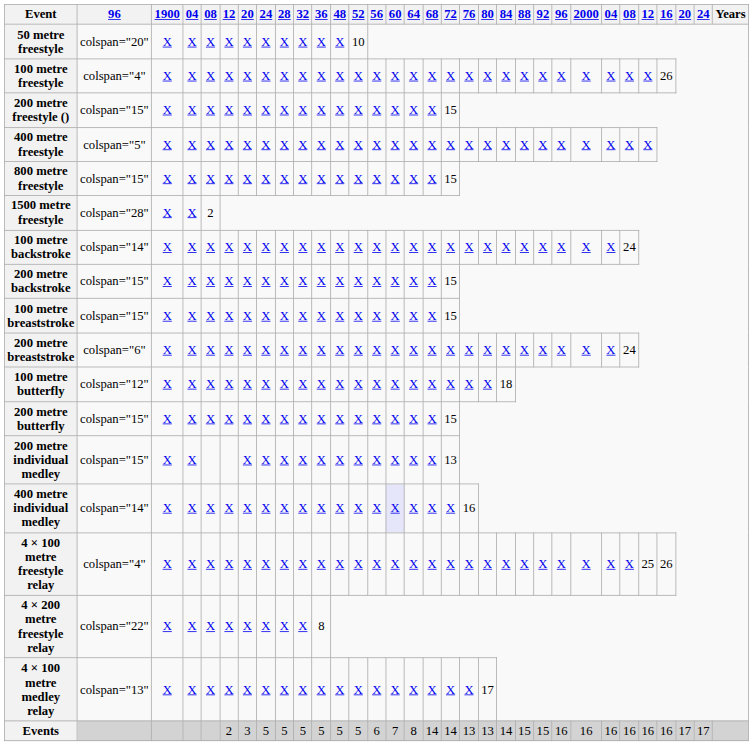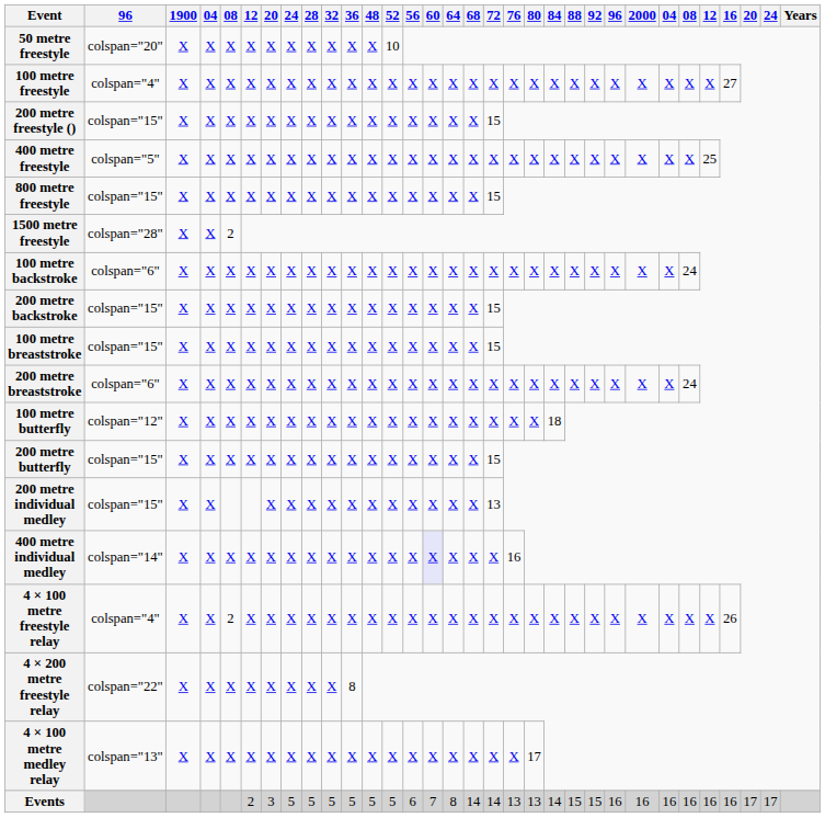 <table class="wikitable plainrowheaders sticky-table-row1 sticky-table-col1" style="text-align:center;">
 <tr>
 <th scope="col">Event</th>
 <th scope="col"><a href='#'>96</a></th>
 <th scope="col"><a href='#'>1900</a></th>
 <th scope="col"><a href='#'>04</a></th>
 <th scope="col"><a href='#'>08</a></th>
 <th scope="col"><a href='#'>12</a></th>
 <th scope="col"><a href='#'>20</a></th>
 <th scope="col"><a href='#'>24</a></th>
 <th scope="col"><a href='#'>28</a></th>
 <th scope="col"><a href='#'>32</a></th>
 <th scope="col"><a href='#'>36</a></th>
 <th scope="col"><a href='#'>48</a></th>
 <th scope="col"><a href='#'>52</a></th>
 <th scope="col"><a href='#'>56</a></th>
 <th scope="col"><a href='#'>60</a></th>
 <th scope="col"><a href='#'>64</a></th>
 <th scope="col"><a href='#'>68</a></th>
 <th scope="col"><a href='#'>72</a></th>
 <th scope="col"><a href='#'>76</a></th>
 <th scope="col"><a href='#'>80</a></th>
 <th scope="col"><a href='#'>84</a></th>
 <th scope="col"><a href='#'>88</a></th>
 <th scope="col"><a href='#'>92</a></th>
 <th scope="col"><a href='#'>96</a></th>
 <th scope="col"><a href='#'>2000</a></th>
 <th scope="col"><a href='#'>04</a></th>
 <th scope="col"><a href='#'>08</a></th>
 <th scope="col"><a href='#'>12</a></th>
 <th scope="col"><a href='#'>16</a></th>
 <th scope="col"><a href='#'>20</a></th>
 <th scope="col"><a href='#'>24</a></th>
 <th scope="col">Years</th>
 </tr>
 <tr>
 <th scope="row">50 metre freestyle</th>
 <td>colspan="20"</td>
 <td><a href='#'>X</a></td>
 <td><a href='#'>X</a></td>
 <td><a href='#'>X</a></td>
 <td><a href='#'>X</a></td>
 <td><a href='#'>X</a></td>
 <td><a href='#'>X</a></td>
 <td><a href='#'>X</a></td>
 <td><a href='#'>X</a></td>
 <td><a href='#'>X</a></td>
 <td><a href='#'>X</a></td>
 <td>10</td>
 </tr>
 <tr>
 <th scope="row">100 metre freestyle</th>
 <td>colspan="4"</td>
 <td><a href='#'>X</a></td>
 <td><a href='#'>X</a></td>
 <td><a href='#'>X</a></td>
 <td><a href='#'>X</a></td>
 <td><a href='#'>X</a></td>
 <td><a href='#'>X</a></td>
 <td><a href='#'>X</a></td>
 <td><a href='#'>X</a></td>
 <td><a href='#'>X</a></td>
 <td><a href='#'>X</a></td>
 <td><a href='#'>X</a></td>
 <td><a href='#'>X</a></td>
 <td><a href='#'>X</a></td>
 <td><a href='#'>X</a></td>
 <td><a href='#'>X</a></td>
 <td><a href='#'>X</a></td>
 <td><a href='#'>X</a></td>
 <td><a href='#'>X</a></td>
 <td><a href='#'>X</a></td>
 <td><a href='#'>X</a></td>
 <td><a href='#'>X</a></td>
 <td><a href='#'>X</a></td>
 <td><a href='#'>X</a></td>
 <td><a href='#'>X</a></td>
 <td><a href='#'>X</a></td>
 <td><a href='#'>X</a></td>
-<td>26</td>
+<td>27</td>
 </tr>
 <tr>
 <th scope="row">200 metre freestyle ()</th>
 <td>colspan="15"</td>
 <td><a href='#'>X</a></td>
 <td><a href='#'>X</a></td>
 <td><a href='#'>X</a></td>
 <td><a href='#'>X</a></td>
 <td><a href='#'>X</a></td>
 <td><a href='#'>X</a></td>
 <td><a href='#'>X</a></td>
 <td><a href='#'>X</a></td>
 <td><a href='#'>X</a></td>
 <td><a href='#'>X</a></td>
 <td><a href='#'>X</a></td>
 <td><a href='#'>X</a></td>
 <td><a href='#'>X</a></td>
 <td><a href='#'>X</a></td>
 <td><a href='#'>X</a></td>
 <td>15</td>
 </tr>
 <tr>
 <th scope="row">400 metre freestyle</th>
 <td>colspan="5"</td>
 <td><a href='#'>X</a></td>
 <td><a href='#'>X</a></td>
 <td><a href='#'>X</a></td>
 <td><a href='#'>X</a></td>
 <td><a href='#'>X</a></td>
 <td><a href='#'>X</a></td>
 <td><a href='#'>X</a></td>
 <td><a href='#'>X</a></td>
 <td><a href='#'>X</a></td>
 <td><a href='#'>X</a></td>
 <td><a href='#'>X</a></td>
 <td><a href='#'>X</a></td>
 <td><a href='#'>X</a></td>
 <td><a href='#'>X</a></td>
 <td><a href='#'>X</a></td>
 <td><a href='#'>X</a></td>
 <td><a href='#'>X</a></td>
 <td><a href='#'>X</a></td>
 <td><a href='#'>X</a></td>
 <td><a href='#'>X</a></td>
 <td><a href='#'>X</a></td>
 <td><a href='#'>X</a></td>
 <td><a href='#'>X</a></td>
 <td><a href='#'>X</a></td>
 <td><a href='#'>X</a></td>
-<td><a href='#'>X</a></td>
+<td>25</td>
 </tr>
 <tr>
 <th scope="row">800 metre freestyle</th>
 <td>colspan="15"</td>
 <td><a href='#'>X</a></td>
 <td><a href='#'>X</a></td>
 <td><a href='#'>X</a></td>
 <td><a href='#'>X</a></td>
 <td><a href='#'>X</a></td>
 <td><a href='#'>X</a></td>
 <td><a href='#'>X</a></td>
 <td><a href='#'>X</a></td>
 <td><a href='#'>X</a></td>
 <td><a href='#'>X</a></td>
 <td><a href='#'>X</a></td>
 <td><a href='#'>X</a></td>
 <td><a href='#'>X</a></td>
 <td><a href='#'>X</a></td>
 <td><a href='#'>X</a></td>
 <td>15</td>
 </tr>
 <tr>
 <th scope="row">1500 metre freestyle</th>
 <td>colspan="28"</td>
 <td><a href='#'>X</a></td>
 <td><a href='#'>X</a></td>
 <td>2</td>
 </tr>
 <tr>
 <th scope="row">100 metre backstroke</th>
-<td>colspan="14"</td>
+<td>colspan="6"</td>
 <td><a href='#'>X</a></td>
 <td><a href='#'>X</a></td>
 <td><a href='#'>X</a></td>
 <td><a href='#'>X</a></td>
 <td><a href='#'>X</a></td>
 <td><a href='#'>X</a></td>
 <td><a href='#'>X</a></td>
 <td><a href='#'>X</a></td>
 <td><a href='#'>X</a></td>
 <td><a href='#'>X</a></td>
 <td><a href='#'>X</a></td>
 <td><a href='#'>X</a></td>
 <td><a href='#'>X</a></td>
 <td><a href='#'>X</a></td>
 <td><a href='#'>X</a></td>
 <td><a href='#'>X</a></td>
 <td><a href='#'>X</a></td>
 <td><a href='#'>X</a></td>
 <td><a href='#'>X</a></td>
 <td><a href='#'>X</a></td>
 <td><a href='#'>X</a></td>
 <td><a href='#'>X</a></td>
 <td><a href='#'>X</a></td>
 <td><a href='#'>X</a></td>
 <td>24</td>
 </tr>
 <tr>
 <th scope="row">200 metre backstroke</th>
 <td>colspan="15"</td>
 <td><a href='#'>X</a></td>
 <td><a href='#'>X</a></td>
 <td><a href='#'>X</a></td>
 <td><a href='#'>X</a></td>
 <td><a href='#'>X</a></td>
 <td><a href='#'>X</a></td>
 <td><a href='#'>X</a></td>
 <td><a href='#'>X</a></td>
 <td><a href='#'>X</a></td>
 <td><a href='#'>X</a></td>
 <td><a href='#'>X</a></td>
 <td><a href='#'>X</a></td>
 <td><a href='#'>X</a></td>
 <td><a href='#'>X</a></td>
 <td><a href='#'>X</a></td>
 <td>15</td>
 </tr>
 <tr>
 <th scope="row">100 metre breaststroke</th>
 <td>colspan="15"</td>
 <td><a href='#'>X</a></td>
 <td><a href='#'>X</a></td>
 <td><a href='#'>X</a></td>
 <td><a href='#'>X</a></td>
 <td><a href='#'>X</a></td>
 <td><a href='#'>X</a></td>
 <td><a href='#'>X</a></td>
 <td><a href='#'>X</a></td>
 <td><a href='#'>X</a></td>
 <td><a href='#'>X</a></td>
 <td><a href='#'>X</a></td>
 <td><a href='#'>X</a></td>
 <td><a href='#'>X</a></td>
 <td><a href='#'>X</a></td>
 <td><a href='#'>X</a></td>
 <td>15</td>
 </tr>
 <tr>
 <th scope="row">200 metre breaststroke</th>
 <td>colspan="6"</td>
 <td><a href='#'>X</a></td>
 <td><a href='#'>X</a></td>
 <td><a href='#'>X</a></td>
 <td><a href='#'>X</a></td>
 <td><a href='#'>X</a></td>
 <td><a href='#'>X</a></td>
 <td><a href='#'>X</a></td>
 <td><a href='#'>X</a></td>
 <td><a href='#'>X</a></td>
 <td><a href='#'>X</a></td>
 <td><a href='#'>X</a></td>
 <td><a href='#'>X</a></td>
 <td><a href='#'>X</a></td>
 <td><a href='#'>X</a></td>
 <td><a href='#'>X</a></td>
 <td><a href='#'>X</a></td>
 <td><a href='#'>X</a></td>
 <td><a href='#'>X</a></td>
 <td><a href='#'>X</a></td>
 <td><a href='#'>X</a></td>
 <td><a href='#'>X</a></td>
 <td><a href='#'>X</a></td>
 <td><a href='#'>X</a></td>
 <td><a href='#'>X</a></td>
 <td>24</td>
 </tr>
 <tr>
 <th scope="row">100 metre butterfly</th>
 <td>colspan="12"</td>
 <td><a href='#'>X</a></td>
 <td><a href='#'>X</a></td>
 <td><a href='#'>X</a></td>
 <td><a href='#'>X</a></td>
 <td><a href='#'>X</a></td>
 <td><a href='#'>X</a></td>
 <td><a href='#'>X</a></td>
 <td><a href='#'>X</a></td>
 <td><a href='#'>X</a></td>
 <td><a href='#'>X</a></td>
 <td><a href='#'>X</a></td>
 <td><a href='#'>X</a></td>
 <td><a href='#'>X</a></td>
 <td><a href='#'>X</a></td>
 <td><a href='#'>X</a></td>
 <td><a href='#'>X</a></td>
 <td><a href='#'>X</a></td>
 <td><a href='#'>X</a></td>
 <td>18</td>
 </tr>
 <tr>
 <th scope="row">200 metre butterfly</th>
 <td>colspan="15"</td>
 <td><a href='#'>X</a></td>
 <td><a href='#'>X</a></td>
 <td><a href='#'>X</a></td>
 <td><a href='#'>X</a></td>
 <td><a href='#'>X</a></td>
 <td><a href='#'>X</a></td>
 <td><a href='#'>X</a></td>
 <td><a href='#'>X</a></td>
 <td><a href='#'>X</a></td>
 <td><a href='#'>X</a></td>
 <td><a href='#'>X</a></td>
 <td><a href='#'>X</a></td>
 <td><a href='#'>X</a></td>
 <td><a href='#'>X</a></td>
 <td><a href='#'>X</a></td>
 <td>15</td>
 </tr>
 <tr>
 <th scope="row">200 metre individual medley</th>
 <td>colspan="15"</td>
 <td><a href='#'>X</a></td>
 <td><a href='#'>X</a></td>
 <td></td>
 <td></td>
 <td><a href='#'>X</a></td>
 <td><a href='#'>X</a></td>
 <td><a href='#'>X</a></td>
 <td><a href='#'>X</a></td>
 <td><a href='#'>X</a></td>
 <td><a href='#'>X</a></td>
 <td><a href='#'>X</a></td>
 <td><a href='#'>X</a></td>
 <td><a href='#'>X</a></td>
 <td><a href='#'>X</a></td>
 <td><a href='#'>X</a></td>
 <td>13</td>
 </tr>
 <tr>
 <th scope="row">400 metre individual medley</th>
 <td>colspan="14"</td>
 <td><a href='#'>X</a></td>
 <td><a href='#'>X</a></td>
 <td><a href='#'>X</a></td>
 <td><a href='#'>X</a></td>
 <td><a href='#'>X</a></td>
 <td><a href='#'>X</a></td>
 <td><a href='#'>X</a></td>
 <td><a href='#'>X</a></td>
 <td><a href='#'>X</a></td>
 <td><a href='#'>X</a></td>
 <td><a href='#'>X</a></td>
 <td><a href='#'>X</a></td>
 <td style="background: lavender;"><a href='#'>X</a></td>
 <td><a href='#'>X</a></td>
 <td><a href='#'>X</a></td>
 <td><a href='#'>X</a></td>
 <td>16</td>
 </tr>
 <tr>
 <th scope="row">4 × 100 metre freestyle relay</th>
 <td>colspan="4"</td>
 <td><a href='#'>X</a></td>
 <td><a href='#'>X</a></td>
+<td>2</td>
 <td><a href='#'>X</a></td>
 <td><a href='#'>X</a></td>
 <td><a href='#'>X</a></td>
 <td><a href='#'>X</a></td>
 <td><a href='#'>X</a></td>
 <td><a href='#'>X</a></td>
 <td><a href='#'>X</a></td>
 <td><a href='#'>X</a></td>
 <td><a href='#'>X</a></td>
 <td><a href='#'>X</a></td>
 <td><a href='#'>X</a></td>
 <td><a href='#'>X</a></td>
 <td><a href='#'>X</a></td>
 <td><a href='#'>X</a></td>
 <td><a href='#'>X</a></td>
 <td><a href='#'>X</a></td>
 <td><a href='#'>X</a></td>
 <td><a href='#'>X</a></td>
 <td><a href='#'>X</a></td>
 <td><a href='#'>X</a></td>
 <td><a href='#'>X</a></td>
 <td><a href='#'>X</a></td>
 <td><a href='#'>X</a></td>
-<td>25</td>
 <td>26</td>
 </tr>
 <tr>
 <th scope="row">4 × 200 metre freestyle relay</th>
 <td>colspan="22"</td>
 <td><a href='#'>X</a></td>
 <td><a href='#'>X</a></td>
 <td><a href='#'>X</a></td>
 <td><a href='#'>X</a></td>
 <td><a href='#'>X</a></td>
 <td><a href='#'>X</a></td>
 <td><a href='#'>X</a></td>
 <td><a href='#'>X</a></td>
 <td>8</td>
 </tr>
 <tr>
 <th scope="row">4 × 100 metre medley relay</th>
 <td>colspan="13"</td>
 <td><a href='#'>X</a></td>
 <td><a href='#'>X</a></td>
 <td><a href='#'>X</a></td>
 <td><a href='#'>X</a></td>
 <td><a href='#'>X</a></td>
 <td><a href='#'>X</a></td>
 <td><a href='#'>X</a></td>
 <td><a href='#'>X</a></td>
 <td><a href='#'>X</a></td>
 <td><a href='#'>X</a></td>
 <td><a href='#'>X</a></td>
 <td><a href='#'>X</a></td>
 <td><a href='#'>X</a></td>
 <td><a href='#'>X</a></td>
 <td><a href='#'>X</a></td>
 <td><a href='#'>X</a></td>
 <td><a href='#'>X</a></td>
 <td>17</td>
 </tr>
 <tr style="background:lightgray">
 <th scope="row"><strong>Events</strong></th>
 <td></td>
 <td></td>
 <td></td>
 <td></td>
 <td>2</td>
 <td>3</td>
 <td>5</td>
 <td>5</td>
 <td>5</td>
 <td>5</td>
 <td>5</td>
 <td>5</td>
 <td>6</td>
 <td>7</td>
 <td>8</td>
 <td>14</td>
 <td>14</td>
 <td>13</td>
 <td>13</td>
 <td>14</td>
 <td>15</td>
 <td>15</td>
 <td>16</td>
 <td>16</td>
 <td>16</td>
 <td>16</td>
 <td>16</td>
 <td>16</td>
 <td>17</td>
 <td>17</td>
 <td></td>
 </tr>
 </table>
